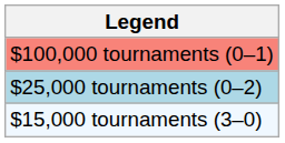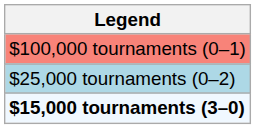 <table class="wikitable" style=font-size:85%>
 <tr>
 <th>Legend</th>
 </tr>
 <tr bgcolor=f88379>
 <td>$100,000 tournaments (0–1)</td>
 </tr>
 <tr bgcolor=lightblue>
 <td>$25,000 tournaments (0–2)</td>
 </tr>
 <tr bgcolor=#f0f8ff>
-<td>$15,000 tournaments (3–0)</td>
+<td><strong>$15,000 tournaments (3–0)</strong></td>
 </tr>
 </table>
